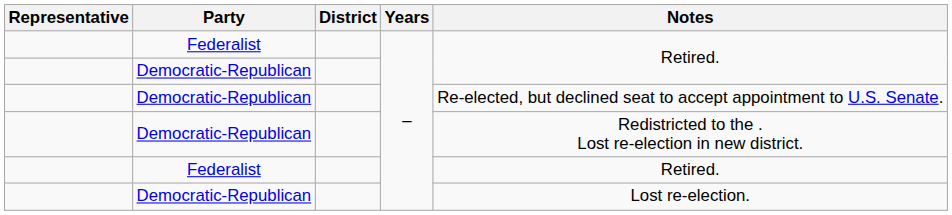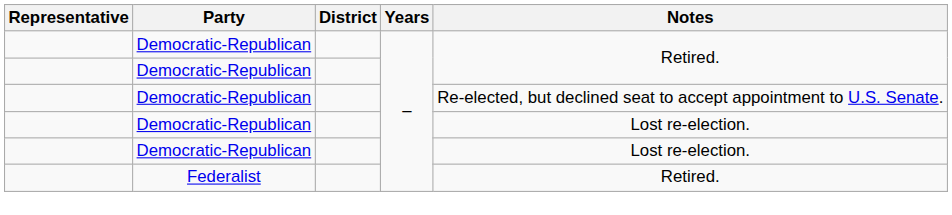 <table class="wikitable sortable" style="text-align:center">
 <tr valign=bottom>
 <th>Representative</th>
 <th>Party</th>
 <th>District</th>
 <th>Years</th>
 <th>Notes</th>
 </tr>
 <tr>
 <td align=left></td>
-<td><a href='#'>Federalist</a></td>
+<td><a href='#'>Democratic-Republican</a></td>
 <td></td>
 <td rowspan="6" nowrap=""> –<br></td>
 <td rowspan="2">Retired.</td>
 </tr>
 <tr>
 <td align=left></td>
 <td><a href='#'>Democratic-Republican</a></td>
 <td></td>
 </tr>
 <tr>
 <td align=left></td>
 <td><a href='#'>Democratic-Republican</a></td>
 <td></td>
 <td>Re-elected, but declined seat to accept appointment to <a href='#'>U.S. Senate</a>.</td>
 </tr>
 <tr>
 <td align=left></td>
 <td><a href='#'>Democratic-Republican</a></td>
 <td></td>
-<td>Redistricted to the .<br>Lost re-election in new district.</td>
+<td>Lost re-election.</td>
+</tr>
+<tr>
+<td align=left></td>
+<td><a href='#'>Democratic-Republican</a></td>
+<td></td>
+<td>Lost re-election.</td>
 </tr>
 <tr>
 <td align=left></td>
 <td><a href='#'>Federalist</a></td>
 <td></td>
 <td>Retired.</td>
 </tr>
-<tr>
-<td align=left></td>
-<td><a href='#'>Democratic-Republican</a></td>
-<td></td>
-<td>Lost re-election.</td>
-</tr>
 </table>
